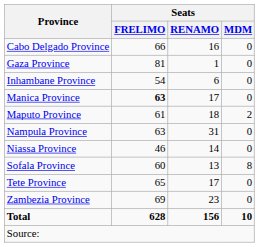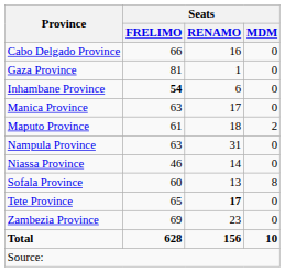 <table class= wikitable style=text-align:right>
 <tr>
 <th rowspan=2>Province</th>
 <th colspan=3>Seats</th>
 </tr>
 <tr>
 <th><a href='#'>FRELIMO</a></th>
 <th><a href='#'>RENAMO</a></th>
 <th><a href='#'>MDM</a></th>
 </tr>
 <tr>
 <td align=left><a href='#'>Cabo Delgado Province</a></td>
 <td>66</td>
 <td>16</td>
 <td>0</td>
 </tr>
 <tr>
 <td align=left><a href='#'>Gaza Province</a></td>
 <td>81</td>
 <td>1</td>
 <td>0</td>
 </tr>
 <tr>
 <td align=left><a href='#'>Inhambane Province</a></td>
-<td>54</td>
+<td><strong>54</strong></td>
 <td>6</td>
 <td>0</td>
 </tr>
 <tr>
 <td align=left><a href='#'>Manica Province</a></td>
-<td><strong>63</strong></td>
+<td>63</td>
 <td>17</td>
 <td>0</td>
 </tr>
 <tr>
 <td align=left><a href='#'>Maputo Province</a></td>
 <td>61</td>
 <td>18</td>
 <td>2</td>
 </tr>
 <tr>
 <td align=left><a href='#'>Nampula Province</a></td>
 <td>63</td>
 <td>31</td>
 <td>0</td>
 </tr>
 <tr>
 <td align=left><a href='#'>Niassa Province</a></td>
 <td>46</td>
 <td>14</td>
 <td>0</td>
 </tr>
 <tr>
 <td align=left><a href='#'>Sofala Province</a></td>
 <td>60</td>
 <td>13</td>
 <td>8</td>
 </tr>
 <tr>
 <td align=left><a href='#'>Tete Province</a></td>
 <td>65</td>
-<td>17</td>
+<td><strong>17</strong></td>
 <td>0</td>
 </tr>
 <tr>
 <td align=left><a href='#'>Zambezia Province</a></td>
 <td>69</td>
 <td>23</td>
 <td>0</td>
 </tr>
 <tr>
 <td align=left><strong>Total</strong></td>
 <td><strong>628</strong></td>
 <td><strong>156</strong></td>
 <td><strong>10</strong></td>
 </tr>
 <tr>
 <td align=left colspan=4>Source: </td>
 </tr>
 </table>
